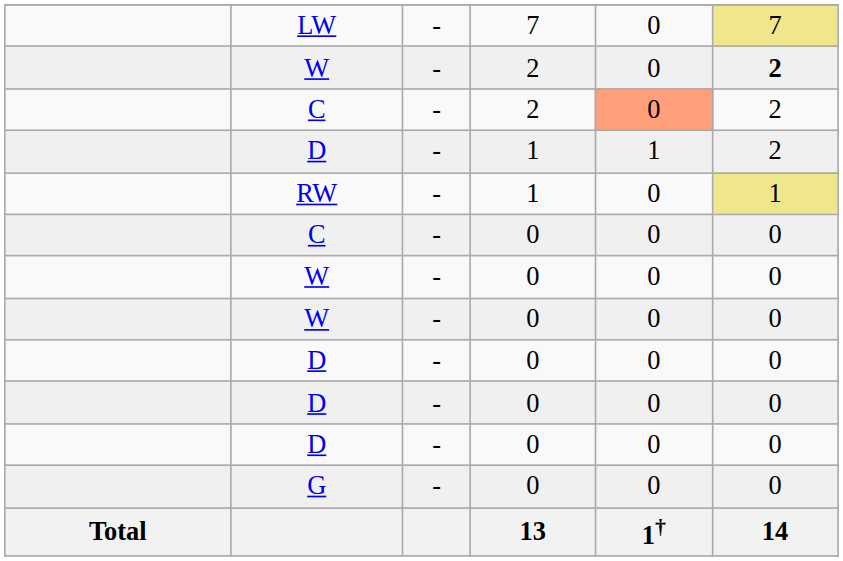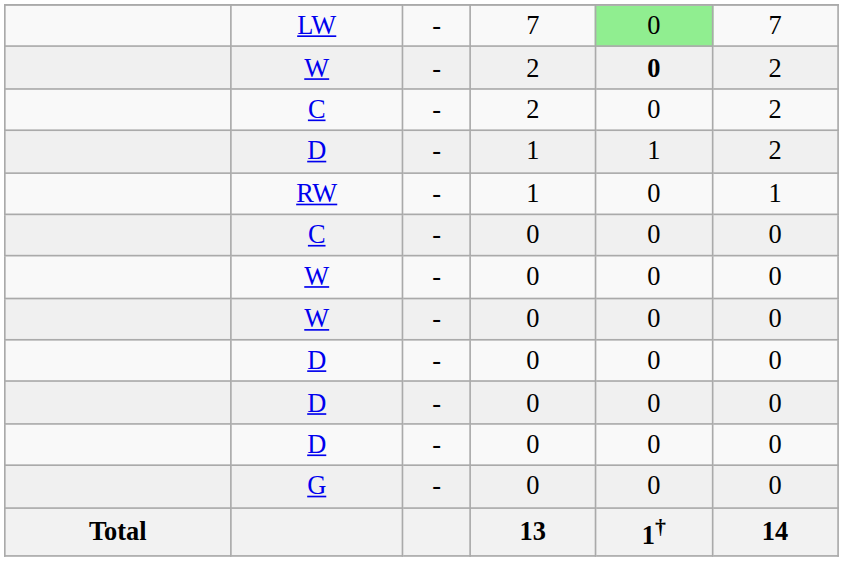 <table class="wikitable sortable" width ="40%">
 <tr align="center">
 </tr>
 <tr align="center">
 <td></td>
 <td><a href='#'>LW</a></td>
 <td>-</td>
 <td>7</td>
-<td>0</td>
-<td style="background: khaki;">7</td>
+<td style="background: lightgreen;">0</td>
+<td>7</td>
 </tr>
 <tr align="center" bgcolor="f0f0f0">
 <td></td>
 <td><a href='#'>W</a></td>
 <td>-</td>
 <td>2</td>
-<td>0</td>
-<td><strong>2</strong></td>
+<td><strong>0</strong></td>
+<td>2</td>
 </tr>
 <tr align="center">
 <td></td>
 <td><a href='#'>C</a></td>
 <td>-</td>
 <td>2</td>
-<td style="background: lightsalmon;">0</td>
+<td>0</td>
 <td>2</td>
 </tr>
 <tr align="center" bgcolor="f0f0f0">
 <td></td>
 <td><a href='#'>D</a></td>
 <td>-</td>
 <td>1</td>
 <td>1</td>
 <td>2</td>
 </tr>
 <tr align="center">
 <td></td>
 <td><a href='#'>RW</a></td>
 <td>-</td>
 <td>1</td>
 <td>0</td>
-<td style="background: khaki;">1</td>
+<td>1</td>
 </tr>
 <tr align="center" bgcolor="f0f0f0">
 <td></td>
 <td><a href='#'>C</a></td>
 <td>-</td>
 <td>0</td>
 <td>0</td>
 <td>0</td>
 </tr>
 <tr align="center">
 <td></td>
 <td><a href='#'>W</a></td>
 <td>-</td>
 <td>0</td>
 <td>0</td>
 <td>0</td>
 </tr>
 <tr align="center" bgcolor="f0f0f0">
 <td></td>
 <td><a href='#'>W</a></td>
 <td>-</td>
 <td>0</td>
 <td>0</td>
 <td>0</td>
 </tr>
 <tr align="center">
 <td></td>
 <td><a href='#'>D</a></td>
 <td>-</td>
 <td>0</td>
 <td>0</td>
 <td>0</td>
 </tr>
 <tr align="center" bgcolor="f0f0f0">
 <td></td>
 <td><a href='#'>D</a></td>
 <td>-</td>
 <td>0</td>
 <td>0</td>
 <td>0</td>
 </tr>
 <tr align="center">
 <td></td>
 <td><a href='#'>D</a></td>
 <td>-</td>
 <td>0</td>
 <td>0</td>
 <td>0</td>
 </tr>
 <tr align="center" bgcolor="f0f0f0">
 <td></td>
 <td><a href='#'>G</a></td>
 <td>-</td>
 <td>0</td>
 <td>0</td>
 <td>0</td>
 </tr>
 <tr>
 <th>Total</th>
 <th></th>
 <th></th>
 <th>13</th>
 <th>1<sup>†</sup></th>
 <th>14</th>
 </tr>
 </table>
